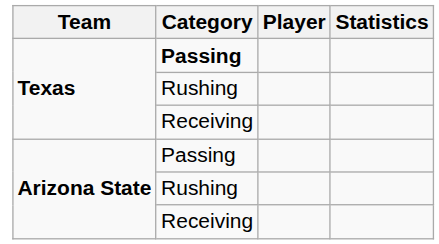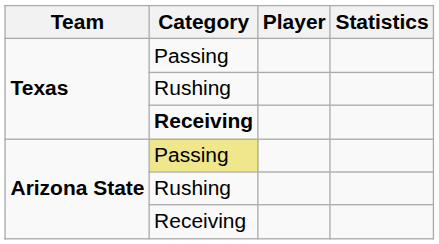 <table class="wikitable" style="float: right;">
 <tr>
 <th>Team</th>
 <th>Category</th>
 <th>Player</th>
 <th>Statistics</th>
 </tr>
 <tr>
 <td rowspan=3><strong>Texas</strong></td>
-<td><strong>Passing</strong></td>
+<td>Passing</td>
 <td></td>
 <td></td>
 </tr>
 <tr>
 <td>Rushing</td>
 <td></td>
 <td></td>
 </tr>
 <tr>
-<td>Receiving</td>
+<td><strong>Receiving</strong></td>
 <td></td>
 <td></td>
 </tr>
 <tr>
 <td rowspan=3><strong>Arizona State</strong></td>
-<td>Passing</td>
+<td style="background: khaki;">Passing</td>
 <td></td>
 <td></td>
 </tr>
 <tr>
 <td>Rushing</td>
 <td></td>
 <td></td>
 </tr>
 <tr>
 <td>Receiving</td>
 <td></td>
 <td></td>
 </tr>
 </table>
